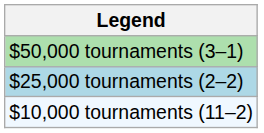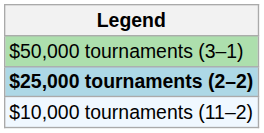 <table class=wikitable style=font-size:90%>
 <tr>
 <th>Legend</th>
 </tr>
 <tr bgcolor="#ADDFAD">
 <td>$50,000 tournaments (3–1)</td>
 </tr>
 <tr bgcolor="lightblue">
-<td>$25,000 tournaments (2–2)</td>
+<td><strong>$25,000 tournaments (2–2)</strong></td>
 </tr>
 <tr bgcolor="#f0f8ff">
 <td>$10,000 tournaments (11–2)</td>
 </tr>
 </table>
